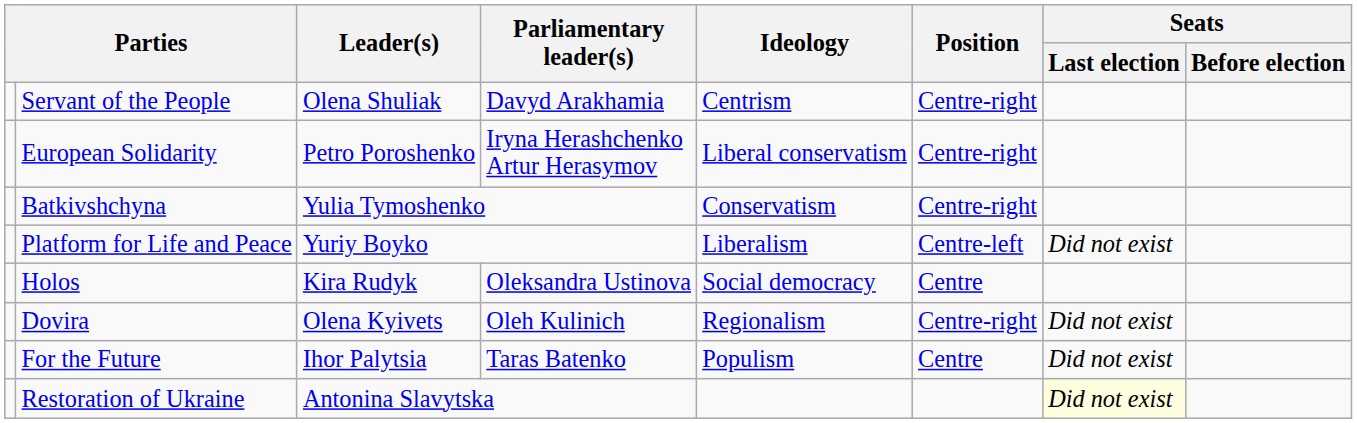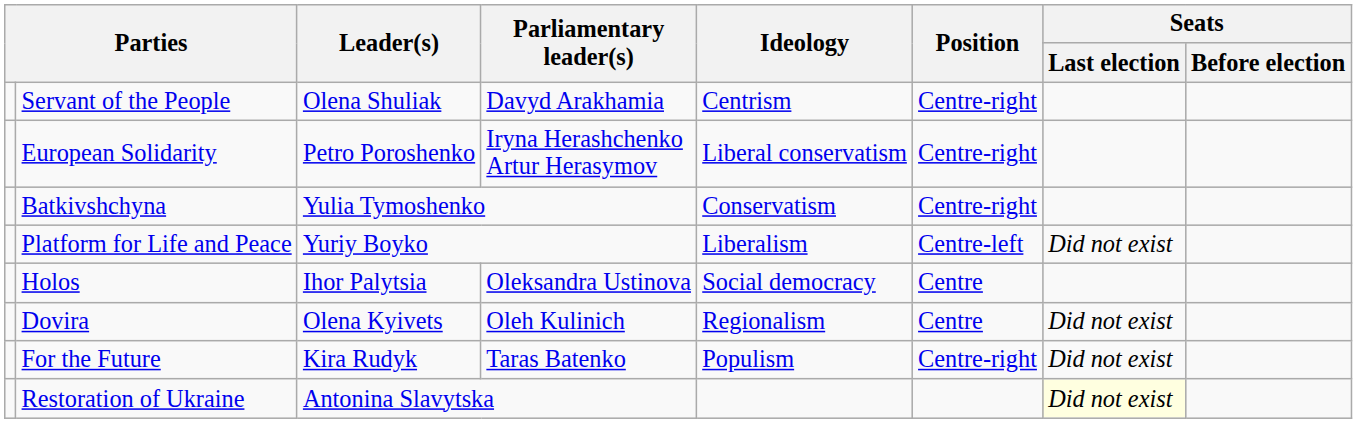 <table class="wikitable">
 <tr>
 <th colspan="2" rowspan="2">Parties</th>
 <th rowspan="2">Leader(s)</th>
 <th rowspan="2">Parliamentary<br>leader(s)</th>
 <th rowspan="2">Ideology</th>
 <th rowspan="2">Position</th>
 <th colspan="2">Seats</th>
 </tr>
 <tr>
 <th>Last election</th>
 <th>Before election</th>
 </tr>
 <tr>
 <td style="background:"></td>
 <td><a href='#'>Servant of the People</a></td>
 <td><a href='#'>Olena Shuliak</a></td>
 <td><a href='#'>Davyd Arakhamia</a></td>
 <td><a href='#'>Centrism</a></td>
 <td><a href='#'>Centre-right</a></td>
 <td></td>
 <td></td>
 </tr>
 <tr>
 <td style="background:"></td>
 <td><a href='#'>European Solidarity</a></td>
 <td><a href='#'>Petro Poroshenko</a></td>
 <td><a href='#'>Iryna Herashchenko</a><br><a href='#'>Artur Herasymov</a></td>
 <td><a href='#'>Liberal conservatism</a></td>
 <td><a href='#'>Centre-right</a></td>
 <td></td>
 <td></td>
 </tr>
 <tr>
 <td style="background:"></td>
 <td><a href='#'>Batkivshchyna</a></td>
 <td colspan="2"><a href='#'>Yulia Tymoshenko</a></td>
 <td><a href='#'>Conservatism</a></td>
 <td><a href='#'>Centre-right</a></td>
 <td></td>
 <td></td>
 </tr>
 <tr>
 <td style="background:"></td>
 <td><a href='#'>Platform for Life and Peace</a></td>
 <td colspan="2"><a href='#'>Yuriy Boyko</a></td>
 <td><a href='#'>Liberalism</a></td>
 <td><a href='#'>Centre-left</a></td>
 <td><em>Did not exist</em></td>
 <td></td>
 </tr>
 <tr>
 <td style="background:"></td>
 <td><a href='#'>Holos</a></td>
-<td><a href='#'>Kira Rudyk</a></td>
+<td><a href='#'>Ihor Palytsia</a></td>
 <td><a href='#'>Oleksandra Ustinova</a></td>
 <td><a href='#'>Social democracy</a></td>
 <td><a href='#'>Centre</a></td>
 <td></td>
 <td></td>
 </tr>
 <tr>
 <td style="background:"></td>
 <td><a href='#'>Dovira</a></td>
 <td><a href='#'>Olena Kyivets</a></td>
 <td><a href='#'>Oleh Kulinich</a></td>
 <td><a href='#'>Regionalism</a></td>
-<td><a href='#'>Centre-right</a></td>
+<td><a href='#'>Centre</a></td>
 <td><em>Did not exist</em></td>
 <td></td>
 </tr>
 <tr>
 <td style="background:"></td>
 <td><a href='#'>For the Future</a></td>
-<td><a href='#'>Ihor Palytsia</a></td>
+<td><a href='#'>Kira Rudyk</a></td>
 <td><a href='#'>Taras Batenko</a></td>
 <td><a href='#'>Populism</a></td>
-<td><a href='#'>Centre</a></td>
+<td><a href='#'>Centre-right</a></td>
 <td><em>Did not exist</em></td>
 <td></td>
 </tr>
 <tr>
 <td style="background:"></td>
 <td><a href='#'>Restoration of Ukraine</a></td>
 <td colspan="2"><a href='#'>Antonina Slavytska</a></td>
 <td></td>
 <td></td>
 <td style="background: lightyellow;"><em>Did not exist</em></td>
 <td></td>
 </tr>
 </table>
